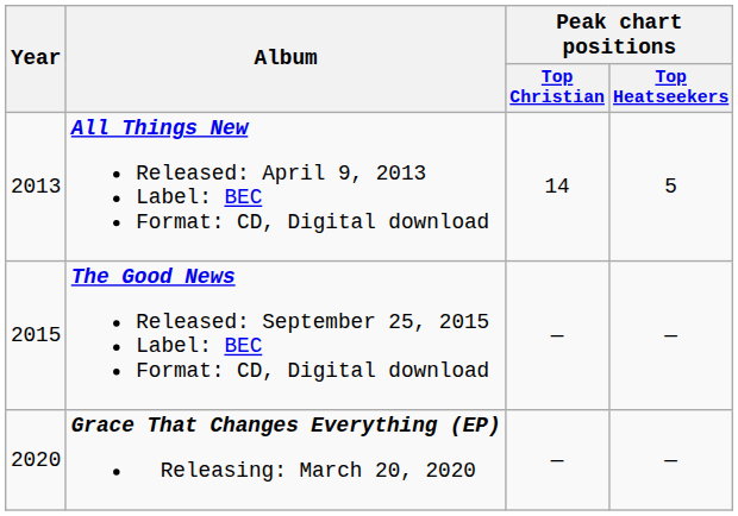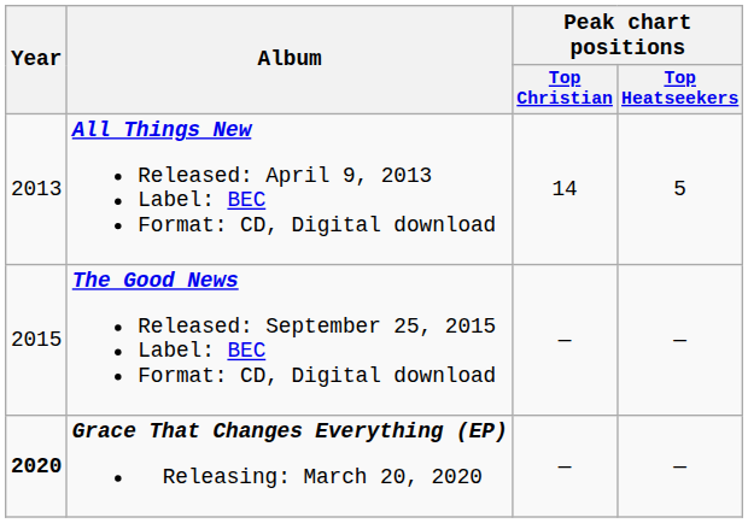 <table class="wikitable" style="text-align:center;">
 <tr>
 <th rowspan="2">Year</th>
 <th rowspan="2">Album</th>
 <th colspan="3">Peak chart positions</th>
 </tr>
 <tr style="font-size:smaller;">
 <th width="40"><a href='#'>Top<br>Christian</a></th>
 <th width="40"><a href='#'>Top<br>Heatseekers</a></th>
 </tr>
 <tr>
 <td>2013</td>
 <td align="left"><strong><em><a href='#'>All Things New</a></em></strong><br><ul><li>Released: April 9, 2013</li><li>Label: <a href='#'>BEC</a></li><li>Format: CD, Digital download</li></ul></td>
 <td>14</td>
 <td>5</td>
 </tr>
 <tr>
 <td>2015</td>
 <td align="left"><strong><em><a href='#'>The Good News</a></em></strong><br><ul><li>Released: September 25, 2015</li><li>Label: <a href='#'>BEC</a></li><li>Format: CD, Digital download</li></ul></td>
 <td>—</td>
 <td>—</td>
 </tr>
 <tr>
-<td>2020</td>
+<td><strong>2020</strong></td>
 <td aling="left"><strong><em>Grace That Changes Everything (EP)</em></strong><br><ul><li>Releasing: March 20, 2020</li></ul></td>
 <td>—</td>
 <td>—</td>
 </tr>
 </table>
